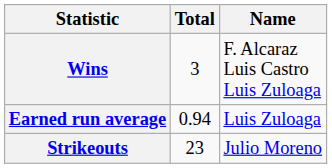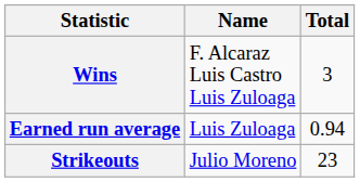 <table class="wikitable plainrowheaders">
 <tr>
 <th scope="col">Statistic</th>
+<th scope="col">Name</th>
 <th scope="col">Total</th>
-<th scope="col">Name</th>
 </tr>
 <tr>
 <th scope="row"><a href='#'>Wins</a></th>
+<td> F. Alcaraz<br> Luis Castro<br> <a href='#'>Luis Zuloaga</a></td>
 <td align=center>3</td>
-<td> F. Alcaraz<br> Luis Castro<br> <a href='#'>Luis Zuloaga</a></td>
 </tr>
 <tr>
 <th scope="row"><a href='#'>Earned run average</a></th>
+<td> <a href='#'>Luis Zuloaga</a></td>
 <td align=center>0.94</td>
-<td> <a href='#'>Luis Zuloaga</a></td>
 </tr>
 <tr>
 <th scope="row"><a href='#'>Strikeouts</a></th>
+<td> <a href='#'>Julio Moreno</a></td>
 <td align=center>23</td>
-<td> <a href='#'>Julio Moreno</a></td>
 </tr>
 </table>
